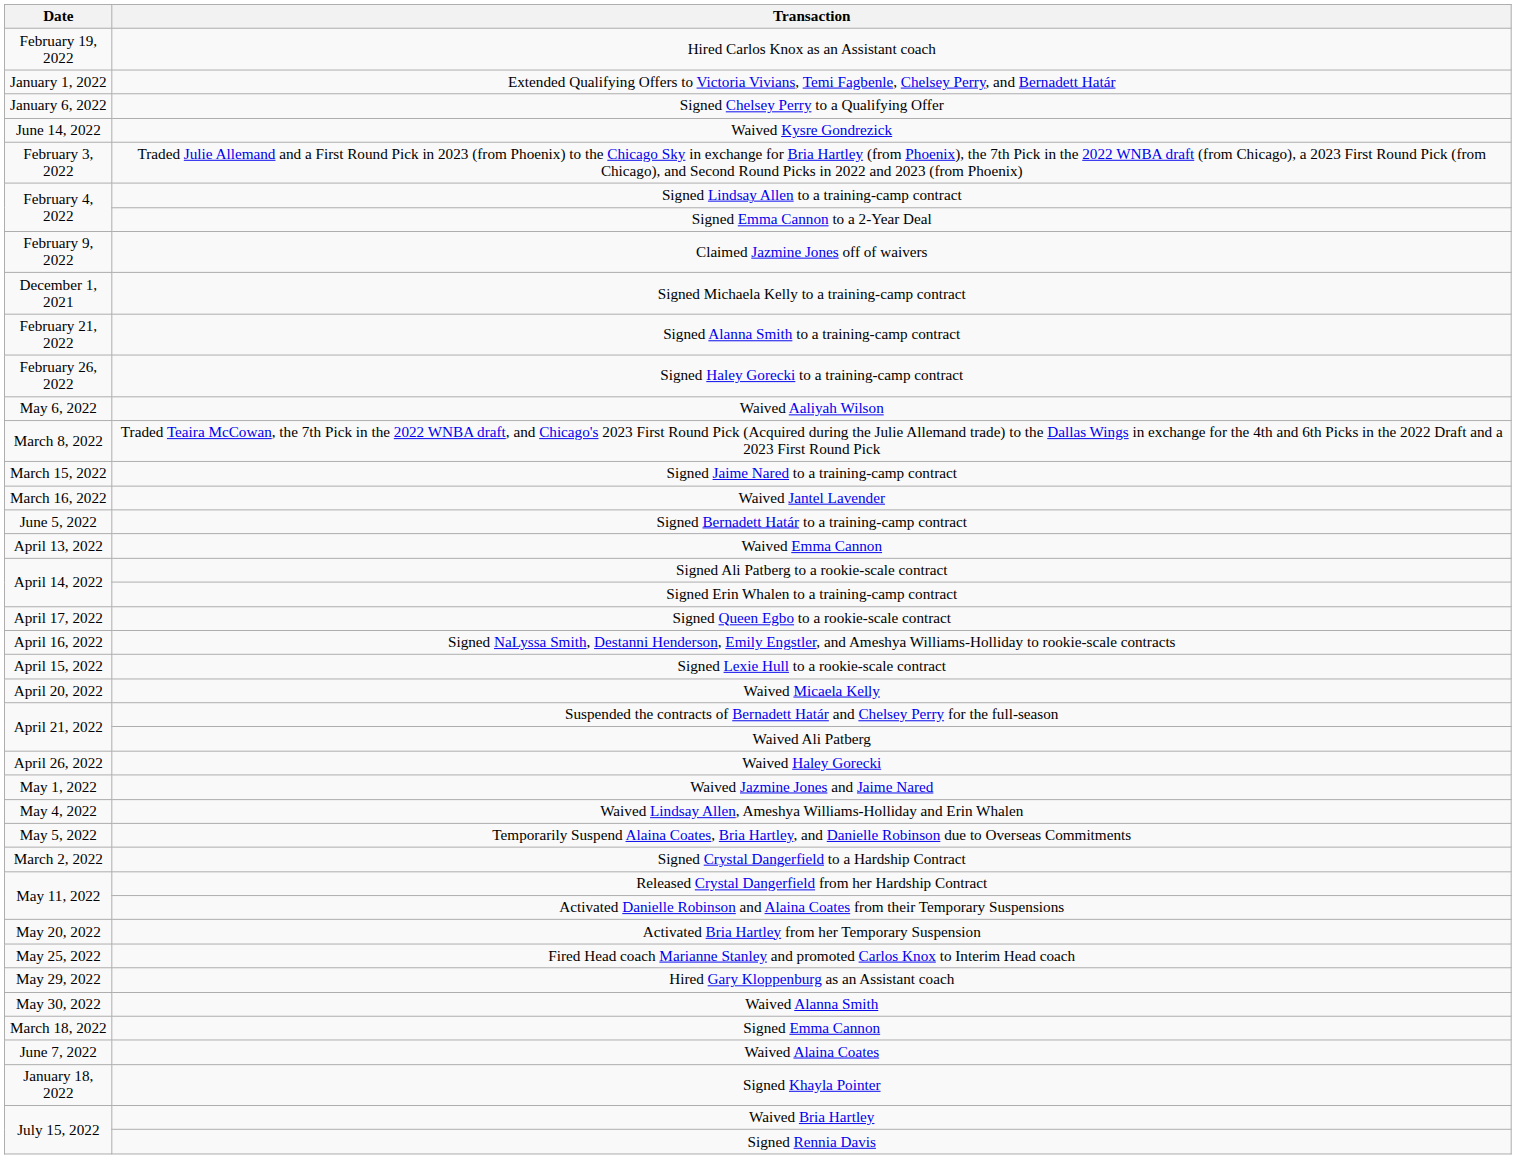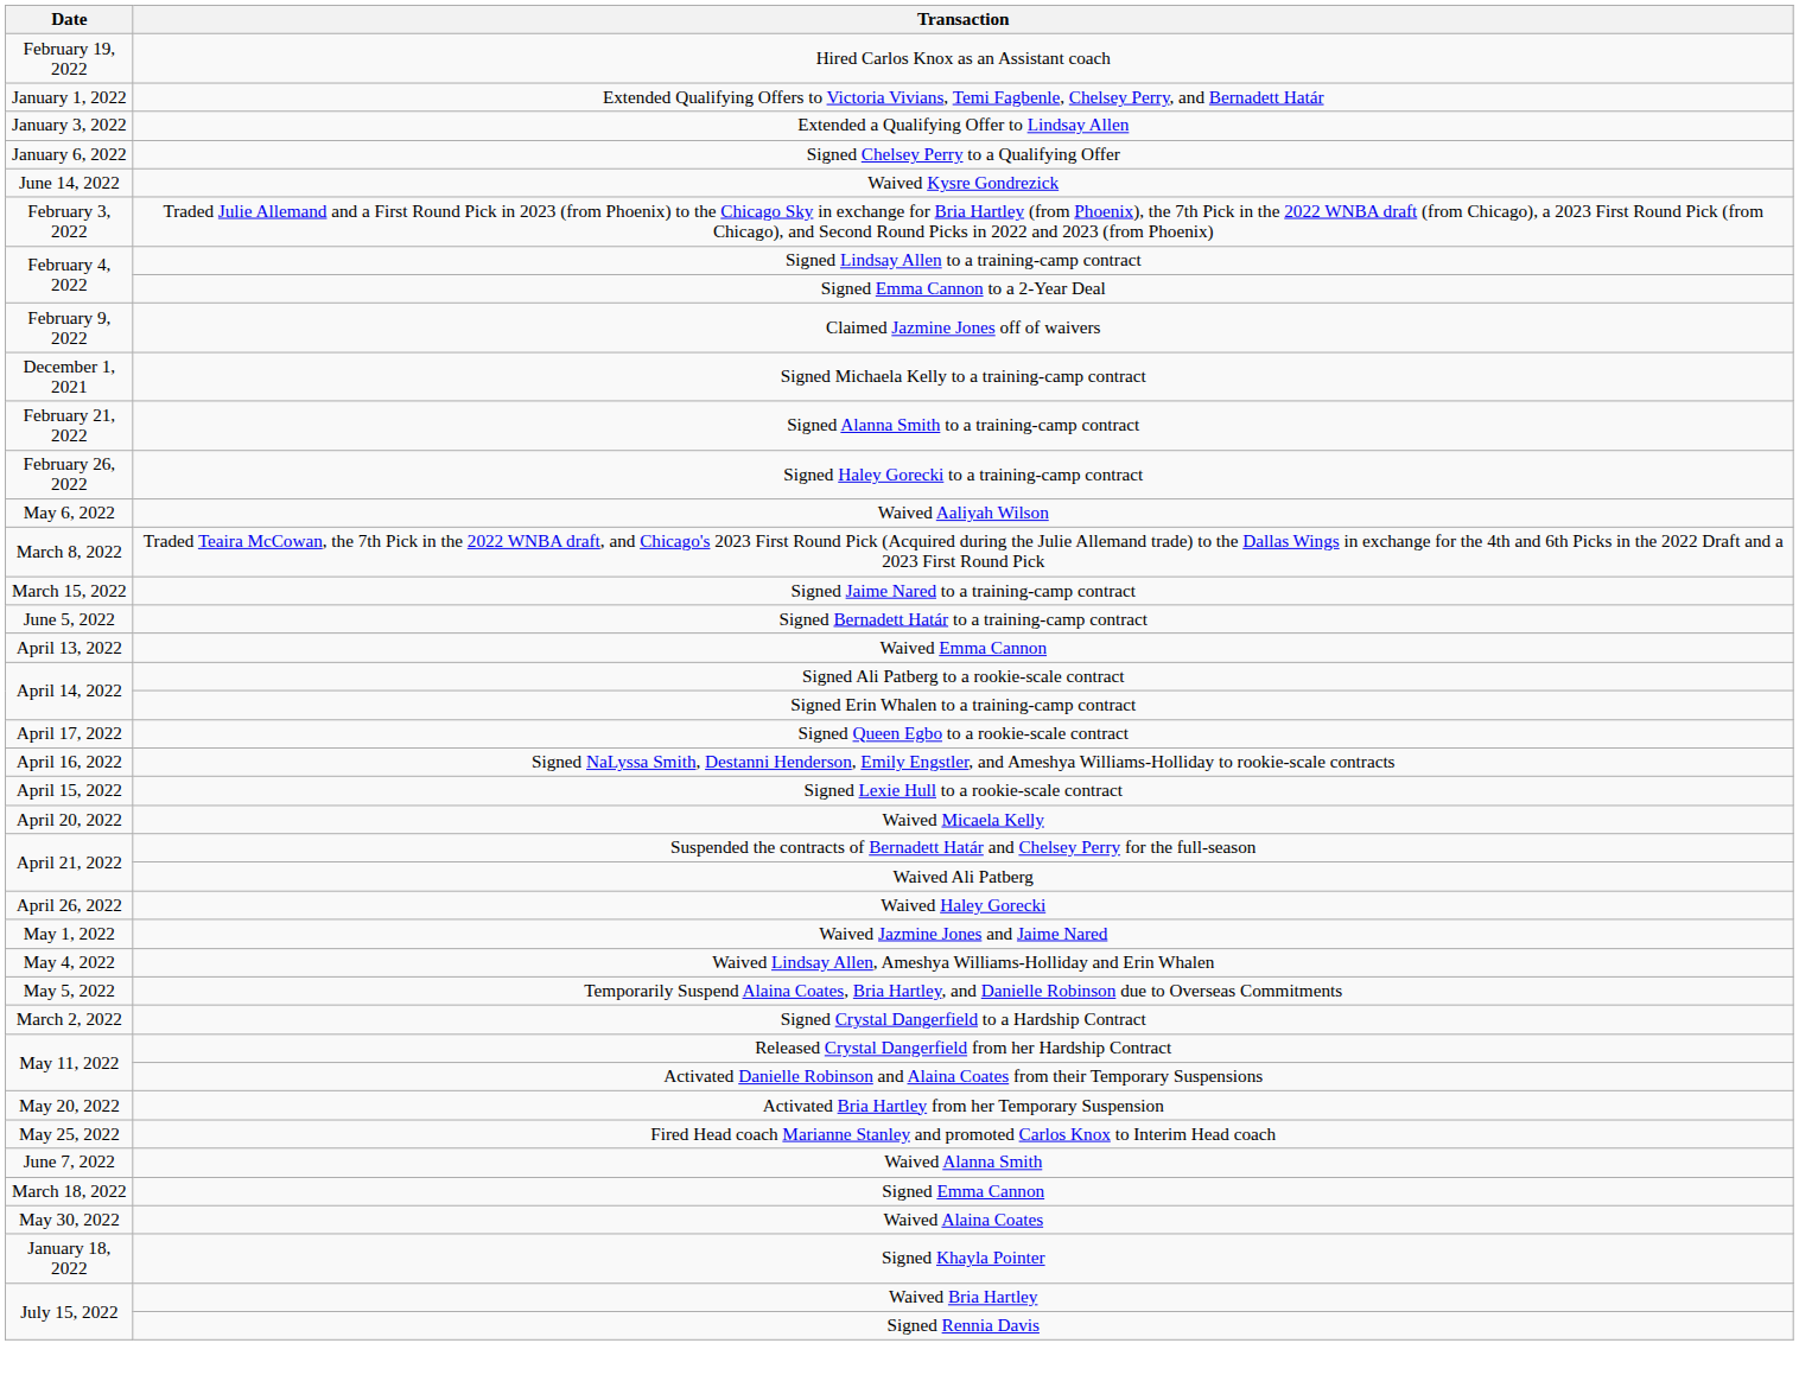 <table class="wikitable" style="width:80%; text-align: center">
 <tr>
 <th>Date</th>
 <th>Transaction</th>
 </tr>
 <tr>
 <td>February 19, 2022</td>
 <td>Hired Carlos Knox as an Assistant coach </td>
 </tr>
 <tr>
 <td>January 1, 2022</td>
 <td>Extended Qualifying Offers to <a href='#'>Victoria Vivians</a>, <a href='#'>Temi Fagbenle</a>, <a href='#'>Chelsey Perry</a>, and <a href='#'>Bernadett Határ</a></td>
+</tr>
+<tr>
+<td>January 3, 2022</td>
+<td>Extended a Qualifying Offer to <a href='#'>Lindsay Allen</a></td>
 </tr>
 <tr>
 <td>January 6, 2022</td>
 <td>Signed <a href='#'>Chelsey Perry</a> to a Qualifying Offer </td>
 </tr>
 <tr>
 <td>June 14, 2022</td>
 <td>Waived <a href='#'>Kysre Gondrezick</a></td>
 </tr>
 <tr>
 <td>February 3, 2022</td>
 <td>Traded <a href='#'>Julie Allemand</a> and a First Round Pick in 2023 (from Phoenix) to the <a href='#'>Chicago Sky</a> in exchange for <a href='#'>Bria Hartley</a> (from <a href='#'>Phoenix</a>), the 7th Pick in the <a href='#'>2022 WNBA draft</a> (from Chicago), a 2023 First Round Pick (from Chicago), and Second Round Picks in 2022 and 2023 (from Phoenix)</td>
 </tr>
 <tr>
 <td rowspan=2>February 4, 2022</td>
 <td>Signed <a href='#'>Lindsay Allen</a> to a training-camp contract</td>
 </tr>
 <tr>
 <td>Signed <a href='#'>Emma Cannon</a> to a 2-Year Deal</td>
 </tr>
 <tr>
 <td>February 9, 2022</td>
 <td>Claimed <a href='#'>Jazmine Jones</a> off of waivers</td>
 </tr>
 <tr>
 <td>December 1, 2021</td>
 <td>Signed Michaela Kelly to a training-camp contract</td>
 </tr>
 <tr>
 <td>February 21, 2022</td>
 <td>Signed <a href='#'>Alanna Smith</a> to a training-camp contract</td>
 </tr>
 <tr>
 <td>February 26, 2022</td>
 <td>Signed <a href='#'>Haley Gorecki</a> to a training-camp contract</td>
 </tr>
 <tr>
 <td>May 6, 2022</td>
 <td>Waived <a href='#'>Aaliyah Wilson</a></td>
 </tr>
 <tr>
 <td>March 8, 2022</td>
 <td>Traded <a href='#'>Teaira McCowan</a>, the 7th Pick in the <a href='#'>2022 WNBA draft</a>, and <a href='#'>Chicago's</a> 2023 First Round Pick (Acquired during the Julie Allemand trade) to the <a href='#'>Dallas Wings</a> in exchange for the 4th and 6th Picks in the 2022 Draft and a 2023 First Round Pick</td>
 </tr>
 <tr>
 <td>March 15, 2022</td>
 <td>Signed <a href='#'>Jaime Nared</a> to a training-camp contract</td>
-</tr>
-<tr>
-<td>March 16, 2022</td>
-<td>Waived <a href='#'>Jantel Lavender</a></td>
 </tr>
 <tr>
 <td>June 5, 2022</td>
 <td>Signed <a href='#'>Bernadett Határ</a> to a training-camp contract</td>
 </tr>
 <tr>
 <td>April 13, 2022</td>
 <td>Waived <a href='#'>Emma Cannon</a></td>
 </tr>
 <tr>
 <td rowspan=2>April 14, 2022</td>
 <td>Signed Ali Patberg to a rookie-scale contract</td>
 </tr>
 <tr>
 <td>Signed Erin Whalen to a training-camp contract</td>
 </tr>
 <tr>
 <td>April 17, 2022</td>
 <td>Signed <a href='#'>Queen Egbo</a> to a rookie-scale contract</td>
 </tr>
 <tr>
 <td>April 16, 2022</td>
 <td>Signed <a href='#'>NaLyssa Smith</a>, <a href='#'>Destanni Henderson</a>, <a href='#'>Emily Engstler</a>, and Ameshya Williams-Holliday to rookie-scale contracts</td>
 </tr>
 <tr>
 <td>April 15, 2022</td>
 <td>Signed <a href='#'>Lexie Hull</a> to a rookie-scale contract</td>
 </tr>
 <tr>
 <td>April 20, 2022</td>
 <td>Waived <a href='#'>Micaela Kelly</a></td>
 </tr>
 <tr>
 <td rowspan=2>April 21, 2022</td>
 <td>Suspended the contracts of <a href='#'>Bernadett Határ</a> and <a href='#'>Chelsey Perry</a> for the full-season</td>
 </tr>
 <tr>
 <td>Waived Ali Patberg</td>
 </tr>
 <tr>
 <td>April 26, 2022</td>
 <td>Waived <a href='#'>Haley Gorecki</a></td>
 </tr>
 <tr>
 <td>May 1, 2022</td>
 <td>Waived <a href='#'>Jazmine Jones</a> and <a href='#'>Jaime Nared</a></td>
 </tr>
 <tr>
 <td>May 4, 2022</td>
 <td>Waived <a href='#'>Lindsay Allen</a>, Ameshya Williams-Holliday and Erin Whalen</td>
 </tr>
 <tr>
 <td>May 5, 2022</td>
 <td>Temporarily Suspend <a href='#'>Alaina Coates</a>, <a href='#'>Bria Hartley</a>, and <a href='#'>Danielle Robinson</a> due to Overseas Commitments</td>
 </tr>
 <tr>
 <td>March 2, 2022</td>
 <td>Signed <a href='#'>Crystal Dangerfield</a> to a Hardship Contract</td>
 </tr>
 <tr>
 <td rowspan=2>May 11, 2022</td>
 <td>Released <a href='#'>Crystal Dangerfield</a> from her Hardship Contract</td>
 </tr>
 <tr>
 <td>Activated <a href='#'>Danielle Robinson</a> and <a href='#'>Alaina Coates</a> from their Temporary Suspensions</td>
 </tr>
 <tr>
 <td>May 20, 2022</td>
 <td>Activated <a href='#'>Bria Hartley</a> from her Temporary Suspension</td>
 </tr>
 <tr>
 <td>May 25, 2022</td>
 <td>Fired Head coach <a href='#'>Marianne Stanley</a> and promoted <a href='#'>Carlos Knox</a> to Interim Head coach</td>
 </tr>
 <tr>
-<td>May 29, 2022</td>
-<td>Hired <a href='#'>Gary Kloppenburg</a> as an Assistant coach</td>
-</tr>
-<tr>
-<td>May 30, 2022</td>
+<td>June 7, 2022</td>
 <td>Waived <a href='#'>Alanna Smith</a></td>
 </tr>
 <tr>
 <td>March 18, 2022</td>
 <td>Signed <a href='#'>Emma Cannon</a></td>
 </tr>
 <tr>
-<td>June 7, 2022</td>
+<td>May 30, 2022</td>
 <td>Waived <a href='#'>Alaina Coates</a></td>
 </tr>
 <tr>
 <td>January 18, 2022</td>
 <td>Signed <a href='#'>Khayla Pointer</a></td>
 </tr>
 <tr>
 <td rowspan=2>July 15, 2022</td>
 <td>Waived <a href='#'>Bria Hartley</a></td>
 </tr>
 <tr>
 <td>Signed <a href='#'>Rennia Davis</a></td>
 </tr>
 </table>
